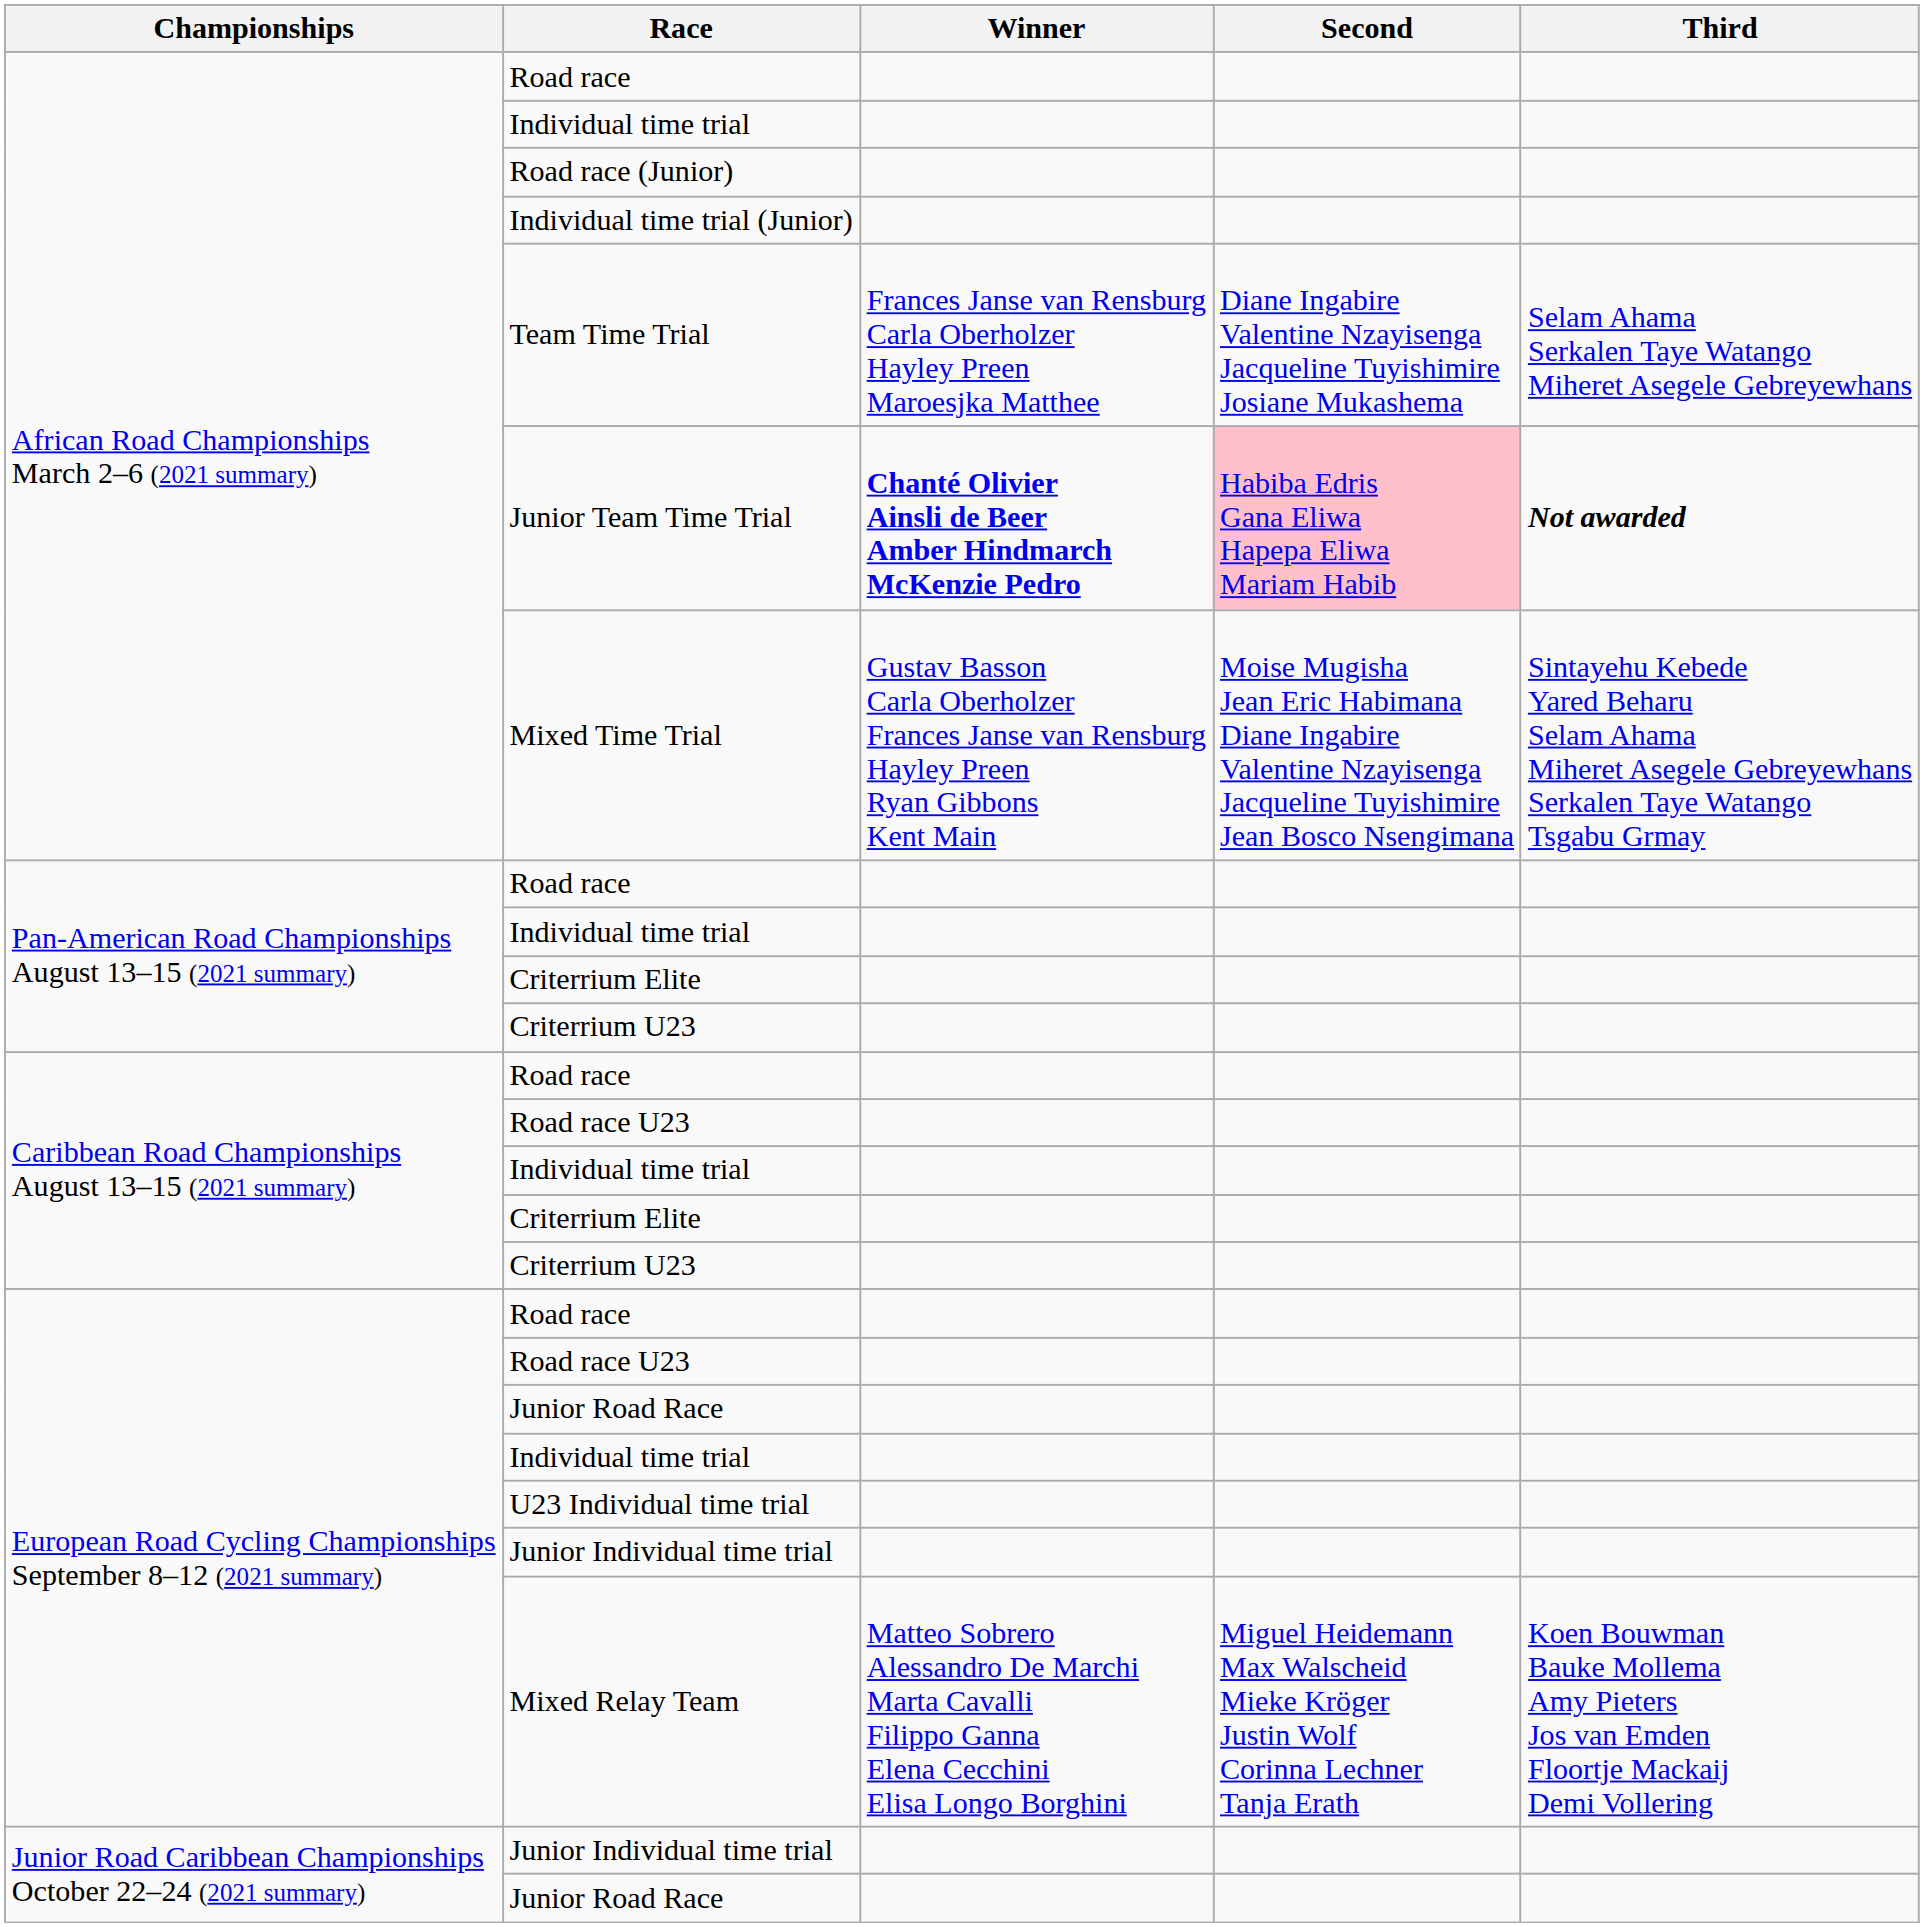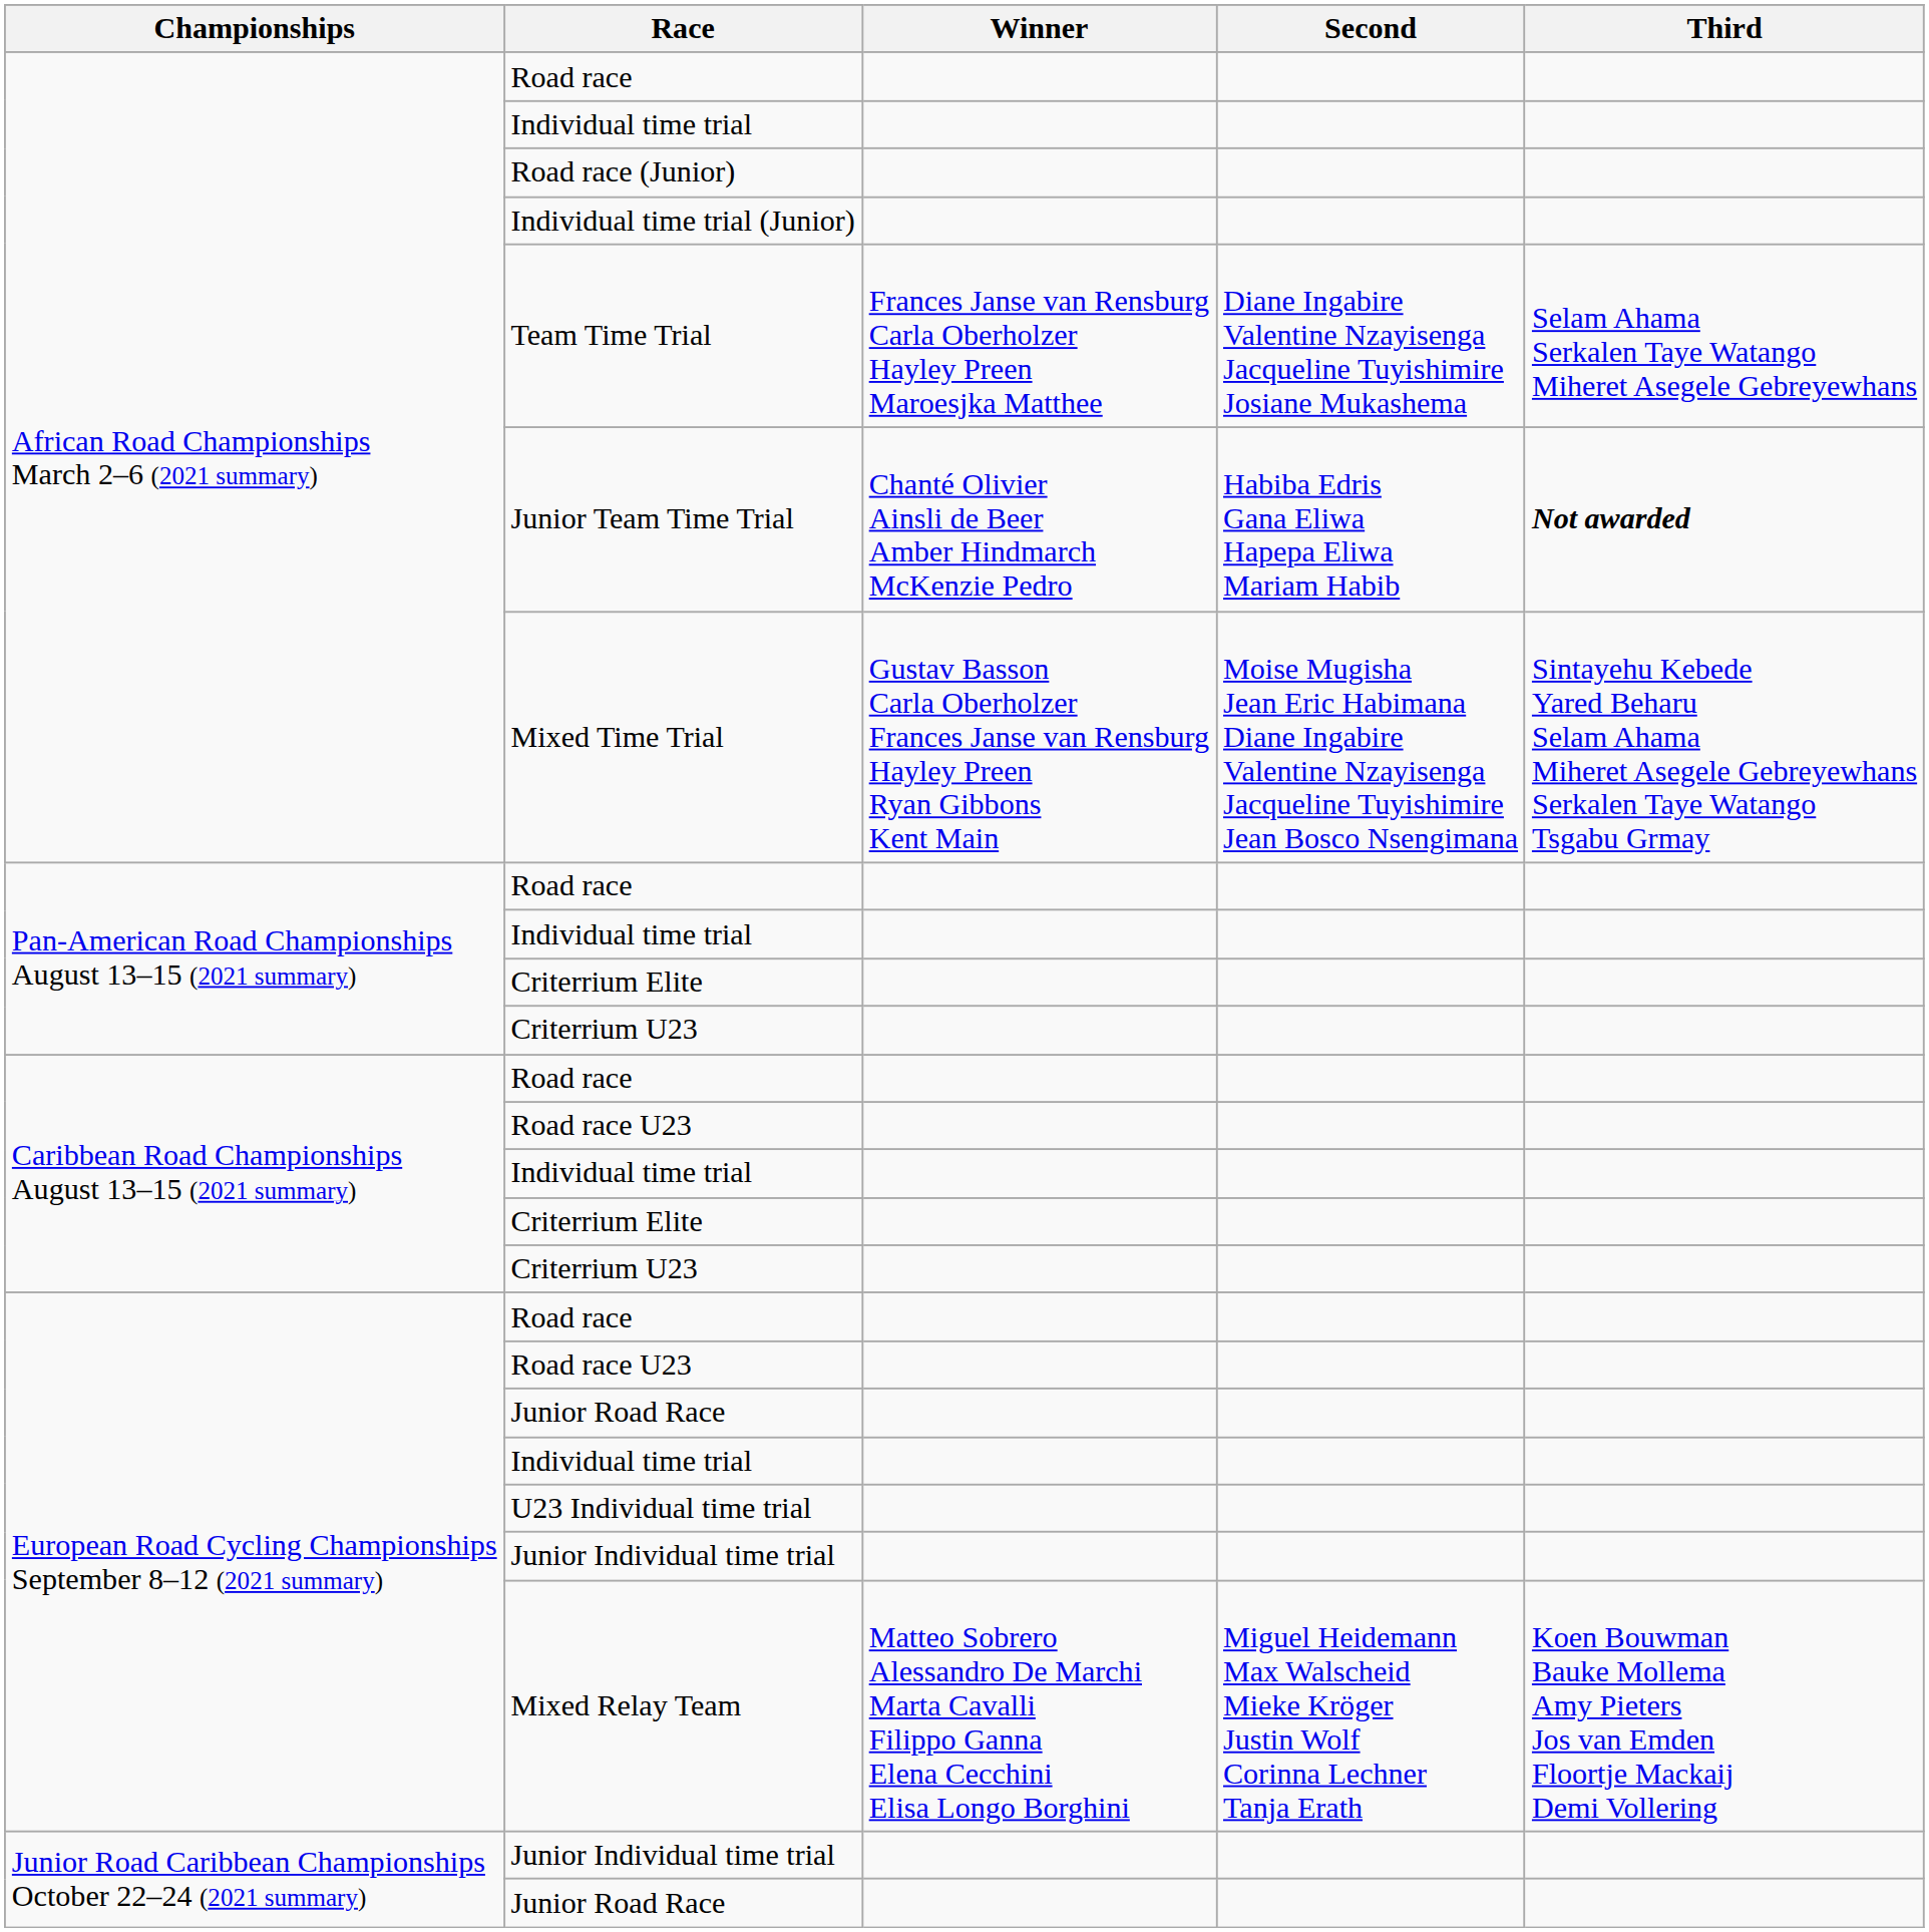 <table class="wikitable sortable">
 <tr>
 <th>Championships</th>
 <th>Race</th>
 <th>Winner</th>
 <th>Second</th>
 <th>Third</th>
 </tr>
 <tr>
 <td rowspan=7><a href='#'>African Road Championships</a><br> March 2–6 <small>(<a href='#'>2021 summary</a>)</small></td>
 <td>Road race</td>
 <td></td>
 <td></td>
 <td></td>
 </tr>
 <tr>
 <td>Individual time trial </td>
 <td></td>
 <td></td>
 <td></td>
 </tr>
 <tr>
 <td>Road race (Junior)</td>
 <td></td>
 <td></td>
 <td></td>
 </tr>
 <tr>
 <td>Individual time trial (Junior) </td>
 <td></td>
 <td></td>
 <td></td>
 </tr>
 <tr>
 <td>Team Time Trial</td>
 <td><br><a href='#'>Frances Janse van Rensburg</a><br><a href='#'>Carla Oberholzer</a><br><a href='#'>Hayley Preen</a><br><a href='#'>Maroesjka Matthee</a></td>
 <td><br><a href='#'>Diane Ingabire</a><br><a href='#'>Valentine Nzayisenga</a><br><a href='#'>Jacqueline Tuyishimire</a><br><a href='#'>Josiane Mukashema</a></td>
 <td><br><a href='#'>Selam Ahama</a><br><a href='#'>Serkalen Taye Watango</a><br><a href='#'>Miheret Asegele Gebreyewhans</a></td>
 </tr>
 <tr>
 <td>Junior Team Time Trial</td>
-<td><strong><br><a href='#'>Chanté Olivier</a><br><a href='#'>Ainsli de Beer</a><br><a href='#'>Amber Hindmarch</a><br><a href='#'>McKenzie Pedro</a></strong></td>
-<td style="background: pink;"><br><a href='#'>Habiba Edris</a><br><a href='#'>Gana Eliwa</a><br><a href='#'>Hapepa Eliwa</a><br><a href='#'>Mariam Habib</a></td>
+<td><br><a href='#'>Chanté Olivier</a><br><a href='#'>Ainsli de Beer</a><br><a href='#'>Amber Hindmarch</a><br><a href='#'>McKenzie Pedro</a></td>
+<td><br><a href='#'>Habiba Edris</a><br><a href='#'>Gana Eliwa</a><br><a href='#'>Hapepa Eliwa</a><br><a href='#'>Mariam Habib</a></td>
 <td><strong><em>Not awarded</em></strong></td>
 </tr>
 <tr>
 <td>Mixed Time Trial</td>
 <td><br><a href='#'>Gustav Basson</a><br><a href='#'>Carla Oberholzer</a><br><a href='#'>Frances Janse van Rensburg</a><br><a href='#'>Hayley Preen</a><br><a href='#'>Ryan Gibbons</a><br><a href='#'>Kent Main</a></td>
 <td><br><a href='#'>Moise Mugisha</a><br><a href='#'>Jean Eric Habimana</a><br><a href='#'>Diane Ingabire</a><br><a href='#'>Valentine Nzayisenga</a><br><a href='#'>Jacqueline Tuyishimire</a><br><a href='#'>Jean Bosco Nsengimana</a></td>
 <td><br><a href='#'>Sintayehu Kebede</a><br><a href='#'>Yared Beharu</a><br><a href='#'>Selam Ahama</a><br><a href='#'>Miheret Asegele Gebreyewhans</a><br><a href='#'>Serkalen Taye Watango</a><br><a href='#'>Tsgabu Grmay</a></td>
 </tr>
 <tr>
 <td rowspan=4><a href='#'>Pan-American Road Championships</a><br> August 13–15 <small>(<a href='#'>2021 summary</a>)</small></td>
 <td>Road race</td>
 <td></td>
 <td></td>
 <td></td>
 </tr>
 <tr>
 <td>Individual time trial </td>
 <td></td>
 <td></td>
 <td></td>
 </tr>
 <tr>
 <td>Criterrium Elite</td>
 <td></td>
 <td></td>
 <td></td>
 </tr>
 <tr>
 <td>Criterrium U23</td>
 <td></td>
 <td></td>
 <td></td>
 </tr>
 <tr>
 <td rowspan=5><a href='#'>Caribbean Road Championships</a><br> August 13–15 <small>(<a href='#'>2021 summary</a>)</small></td>
 <td>Road race</td>
 <td></td>
 <td></td>
 <td></td>
 </tr>
 <tr>
 <td>Road race U23</td>
 <td></td>
 <td></td>
 <td></td>
 </tr>
 <tr>
 <td>Individual time trial </td>
 <td></td>
 <td></td>
 <td></td>
 </tr>
 <tr>
 <td>Criterrium Elite</td>
 <td></td>
 <td></td>
 <td></td>
 </tr>
 <tr>
 <td>Criterrium U23</td>
 <td></td>
 <td></td>
 <td></td>
 </tr>
 <tr>
 <td rowspan=7><a href='#'>European Road Cycling Championships</a><br> September 8–12 <small>(<a href='#'>2021 summary</a>)</small></td>
 <td>Road race</td>
 <td></td>
 <td></td>
 <td></td>
 </tr>
 <tr>
 <td>Road race U23</td>
 <td></td>
 <td></td>
 <td></td>
 </tr>
 <tr>
 <td>Junior Road Race</td>
 <td></td>
 <td></td>
 <td></td>
 </tr>
 <tr>
 <td>Individual time trial </td>
 <td></td>
 <td></td>
 <td></td>
 </tr>
 <tr>
 <td>U23 Individual time trial </td>
 <td></td>
 <td></td>
 <td></td>
 </tr>
 <tr>
 <td>Junior Individual time trial </td>
 <td></td>
 <td></td>
 <td></td>
 </tr>
 <tr>
 <td>Mixed Relay Team </td>
 <td><br><a href='#'>Matteo Sobrero</a><br><a href='#'>Alessandro De Marchi</a><br><a href='#'>Marta Cavalli</a><br><a href='#'>Filippo Ganna</a><br><a href='#'>Elena Cecchini</a><br><a href='#'>Elisa Longo Borghini</a></td>
 <td><br><a href='#'>Miguel Heidemann</a><br><a href='#'>Max Walscheid</a><br><a href='#'>Mieke Kröger</a><br><a href='#'>Justin Wolf</a><br><a href='#'>Corinna Lechner</a><br><a href='#'>Tanja Erath</a></td>
 <td><br><a href='#'>Koen Bouwman</a><br><a href='#'>Bauke Mollema</a><br><a href='#'>Amy Pieters</a><br><a href='#'>Jos van Emden</a><br><a href='#'>Floortje Mackaij</a><br><a href='#'>Demi Vollering</a></td>
 </tr>
 <tr>
 <td rowspan=2><a href='#'>Junior Road Caribbean Championships</a><br> October 22–24 <small>(<a href='#'>2021 summary</a>)</small></td>
 <td>Junior Individual time trial </td>
 <td></td>
 <td></td>
 <td></td>
 </tr>
 <tr>
 <td>Junior Road Race</td>
 <td></td>
 <td></td>
 <td></td>
 </tr>
 </table>
